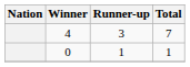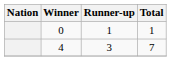 <table class="wikitable plainrowheaders sortable">
 <tr>
 <th scope="col">Nation</th>
 <th scope="col">Winner</th>
 <th scope="col">Runner-up</th>
 <th scope="col">Total</th>
 </tr>
 <tr>
 <th scope=row></th>
+<td align=center>0</td>
+<td align=center>1</td>
+<td align=center>1</td>
+</tr>
+<tr>
+<th scope=row></th>
 <td align=center>4</td>
 <td align=center>3</td>
 <td align=center>7</td>
 </tr>
 <tr>
-<th scope=row></th>
-<td align=center>0</td>
-<td align=center>1</td>
-<td align=center>1</td>
-</tr>
-<tr>
 </tr>
 </table>
